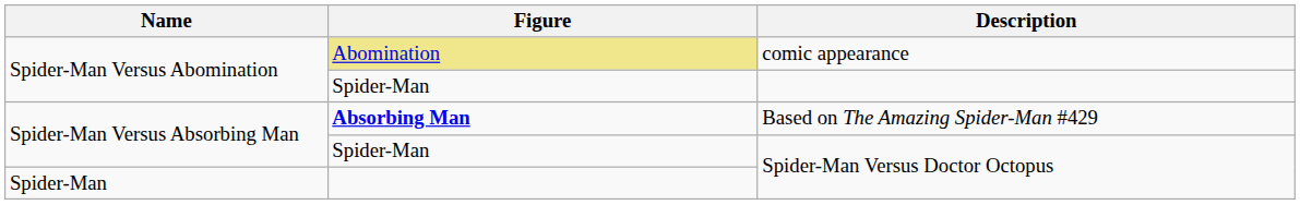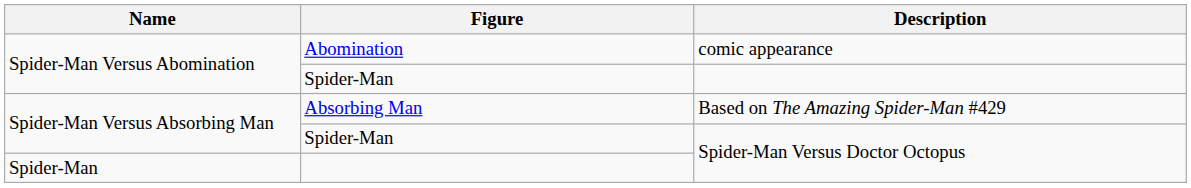 <table class="wikitable" width="80%">
 <tr>
 <th width=15%>Name</th>
 <th width=20%>Figure</th>
 <th width=25%>Description</th>
 </tr>
 <tr>
 <td rowspan=2>Spider-Man Versus Abomination</td>
-<td style="background: khaki;"><a href='#'>Abomination</a></td>
+<td><a href='#'>Abomination</a></td>
 <td>comic appearance</td>
 </tr>
 <tr>
 <td>Spider-Man</td>
 <td></td>
 </tr>
 <tr>
 <td rowspan=2>Spider-Man Versus Absorbing Man</td>
-<td><strong><a href='#'>Absorbing Man</a></strong></td>
+<td><a href='#'>Absorbing Man</a></td>
 <td>Based on <em>The Amazing Spider-Man</em> #429</td>
 </tr>
 <tr>
 <td>Spider-Man</td>
 <td rowspan=2>Spider-Man Versus Doctor Octopus</td>
 </tr>
 <tr>
 <td>Spider-Man</td>
 <td></td>
 </tr>
 </table>
